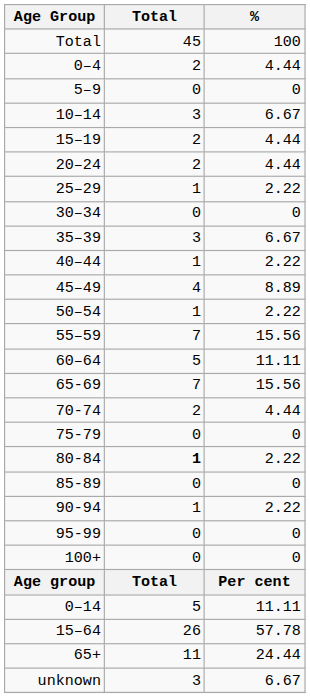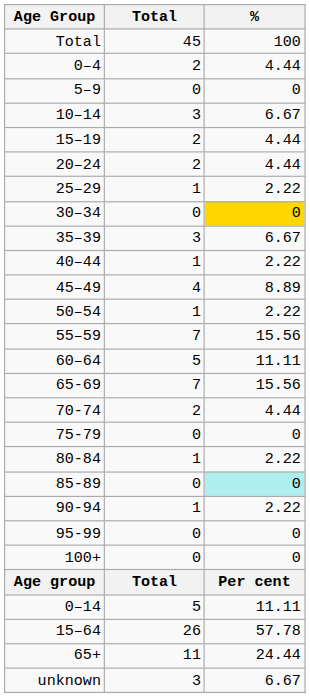 <table class="wikitable">
 <tr>
 <th width="80pt">Age Group</th>
 <th width="80pt">Total</th>
 <th width="80pt">%</th>
 </tr>
 <tr>
 <td align="right">Total</td>
 <td align="right">45</td>
 <td align="right">100</td>
 </tr>
 <tr>
 <td align="right">0–4</td>
 <td align="right">2</td>
 <td align="right">4.44</td>
 </tr>
 <tr>
 <td align="right">5–9</td>
 <td align="right">0</td>
 <td align="right">0</td>
 </tr>
 <tr>
 <td align="right">10–14</td>
 <td align="right">3</td>
 <td align="right">6.67</td>
 </tr>
 <tr>
 <td align="right">15–19</td>
 <td align="right">2</td>
 <td align="right">4.44</td>
 </tr>
 <tr>
 <td align="right">20–24</td>
 <td align="right">2</td>
 <td align="right">4.44</td>
 </tr>
 <tr>
 <td align="right">25–29</td>
 <td align="right">1</td>
 <td align="right">2.22</td>
 </tr>
 <tr>
 <td align="right">30–34</td>
 <td align="right">0</td>
-<td align="right">0</td>
+<td align="right" style="background: gold;">0</td>
 </tr>
 <tr>
 <td align="right">35–39</td>
 <td align="right">3</td>
 <td align="right">6.67</td>
 </tr>
 <tr>
 <td align="right">40–44</td>
 <td align="right">1</td>
 <td align="right">2.22</td>
 </tr>
 <tr>
 <td align="right">45–49</td>
 <td align="right">4</td>
 <td align="right">8.89</td>
 </tr>
 <tr>
 <td align="right">50–54</td>
 <td align="right">1</td>
 <td align="right">2.22</td>
 </tr>
 <tr>
 <td align="right">55–59</td>
 <td align="right">7</td>
 <td align="right">15.56</td>
 </tr>
 <tr>
 <td align="right">60–64</td>
 <td align="right">5</td>
 <td align="right">11.11</td>
 </tr>
 <tr>
 <td align="right">65-69</td>
 <td align="right">7</td>
 <td align="right">15.56</td>
 </tr>
 <tr>
 <td align="right">70-74</td>
 <td align="right">2</td>
 <td align="right">4.44</td>
 </tr>
 <tr>
 <td align="right">75-79</td>
 <td align="right">0</td>
 <td align="right">0</td>
 </tr>
 <tr>
 <td align="right">80-84</td>
-<td align="right"><strong>1</strong></td>
+<td align="right">1</td>
 <td align="right">2.22</td>
 </tr>
 <tr>
 <td align="right">85-89</td>
 <td align="right">0</td>
-<td align="right">0</td>
+<td align="right" style="background: paleturquoise;">0</td>
 </tr>
 <tr>
 <td align="right">90-94</td>
 <td align="right">1</td>
 <td align="right">2.22</td>
 </tr>
 <tr>
 <td align="right">95-99</td>
 <td align="right">0</td>
 <td align="right">0</td>
 </tr>
 <tr>
 <td align="right">100+</td>
 <td align="right">0</td>
 <td align="right">0</td>
 </tr>
 <tr>
 <th width="50">Age group</th>
 <th width="80">Total</th>
 <th width="50">Per cent</th>
 </tr>
 <tr>
 <td align="right">0–14</td>
 <td align="right">5</td>
 <td align="right">11.11</td>
 </tr>
 <tr>
 <td align="right">15–64</td>
 <td align="right">26</td>
 <td align="right">57.78</td>
 </tr>
 <tr>
 <td align="right">65+</td>
 <td align="right">11</td>
 <td align="right">24.44</td>
 </tr>
 <tr>
 <td align="right">unknown</td>
 <td align="right">3</td>
 <td align="right">6.67</td>
 </tr>
 <tr>
 </tr>
 </table>
